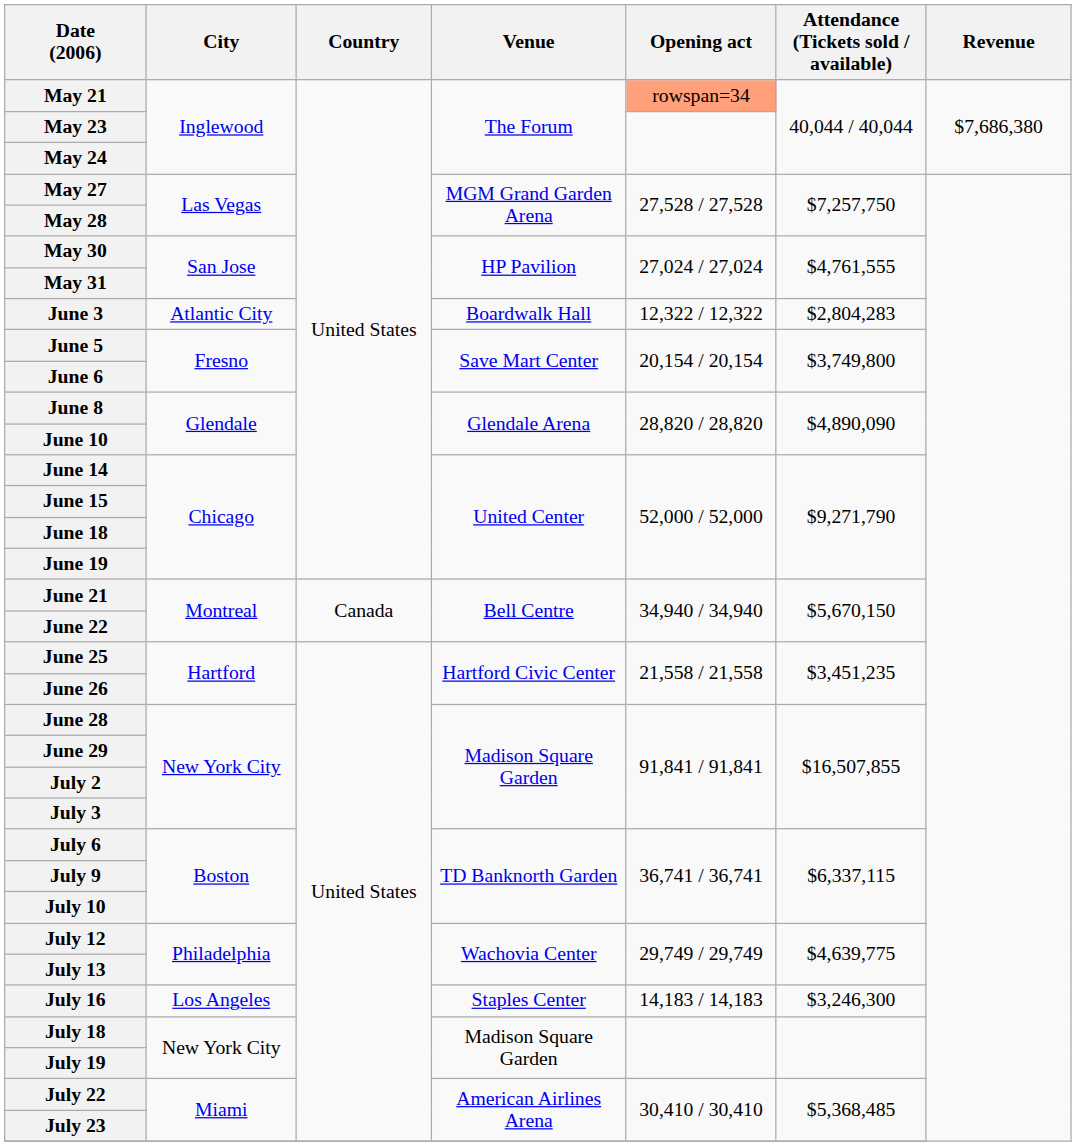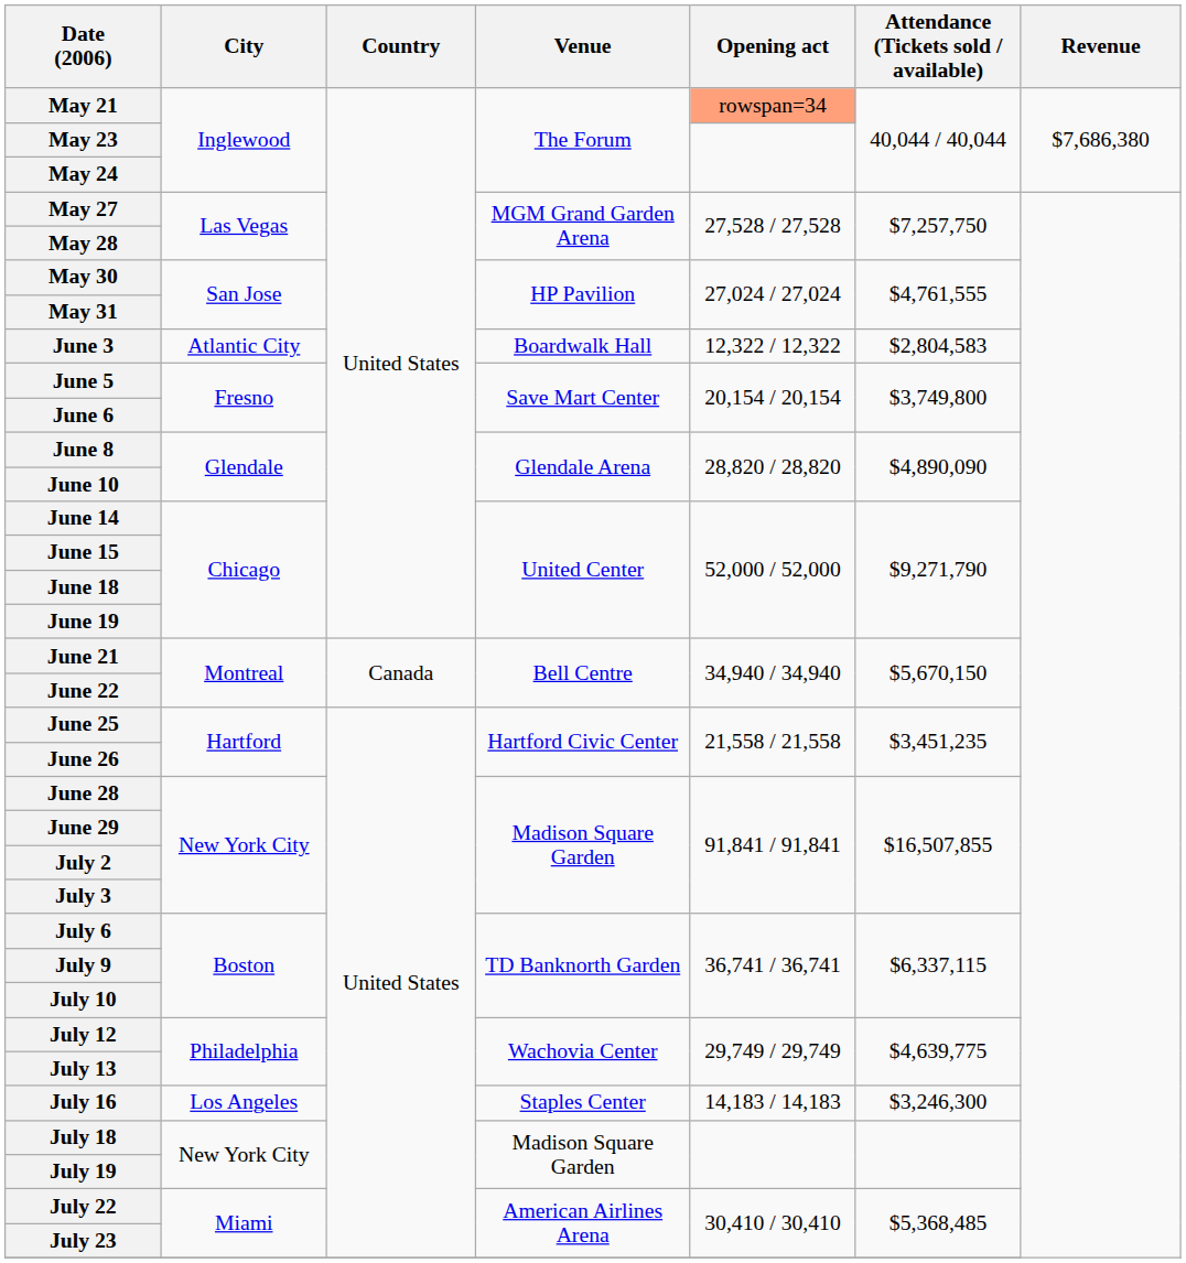 <table class="wikitable plainrowheaders" style="text-align:center;">
 <tr>
 <th scope="col" style="width:12em;">Date<br>(2006)</th>
 <th scope="col" style="width:10em;">City</th>
 <th scope="col" style="width:10em;">Country</th>
 <th scope="col" style="width:16em;">Venue</th>
 <th scope="col" style="width:10em;">Opening act</th>
 <th scope="col" style="width:10em;">Attendance <br>(Tickets sold / available)</th>
 <th scope="col" style="width:10em;">Revenue</th>
 </tr>
 <tr>
 <th scope="row" style="text-align:center;">May 21</th>
 <td rowspan=3><a href='#'>Inglewood</a></td>
 <td rowspan=16>United States</td>
 <td rowspan=3><a href='#'>The Forum</a></td>
 <td style="background: lightsalmon;">rowspan=34 </td>
 <td rowspan=3>40,044 / 40,044</td>
 <td rowspan=3>$7,686,380</td>
 </tr>
 <tr>
 <th scope="row" style="text-align:center;">May 23</th>
 </tr>
 <tr>
 <th scope="row" style="text-align:center;">May 24</th>
 </tr>
 <tr>
 <th scope="row" style="text-align:center;">May 27</th>
 <td rowspan=2><a href='#'>Las Vegas</a></td>
 <td rowspan=2><a href='#'>MGM Grand Garden Arena</a></td>
 <td rowspan=2>27,528 / 27,528</td>
 <td rowspan=2>$7,257,750</td>
 </tr>
 <tr>
 <th scope="row" style="text-align:center;">May 28</th>
 </tr>
 <tr>
 <th scope="row" style="text-align:center;">May 30</th>
 <td rowspan=2><a href='#'>San Jose</a></td>
 <td rowspan=2><a href='#'>HP Pavilion</a></td>
 <td rowspan=2>27,024 / 27,024</td>
 <td rowspan=2>$4,761,555</td>
 </tr>
 <tr>
 <th scope="row" style="text-align:center;">May 31</th>
 </tr>
 <tr>
 <th scope="row" style="text-align:center;">June 3</th>
 <td><a href='#'>Atlantic City</a></td>
 <td><a href='#'>Boardwalk Hall</a></td>
 <td>12,322 / 12,322</td>
-<td>$2,804,283</td>
+<td>$2,804,583</td>
 </tr>
 <tr>
 <th scope="row" style="text-align:center;">June 5</th>
 <td rowspan=2><a href='#'>Fresno</a></td>
 <td rowspan=2><a href='#'>Save Mart Center</a></td>
 <td rowspan=2>20,154 / 20,154</td>
 <td rowspan=2>$3,749,800</td>
 </tr>
 <tr>
 <th scope="row" style="text-align:center;">June 6</th>
 </tr>
 <tr>
 <th scope="row" style="text-align:center;">June 8</th>
 <td rowspan=2><a href='#'>Glendale</a></td>
 <td rowspan=2><a href='#'>Glendale Arena</a></td>
 <td rowspan=2>28,820 / 28,820</td>
 <td rowspan=2>$4,890,090</td>
 </tr>
 <tr>
 <th scope="row" style="text-align:center;">June 10</th>
 </tr>
 <tr>
 <th scope="row" style="text-align:center;">June 14</th>
 <td rowspan=4><a href='#'>Chicago</a></td>
 <td rowspan=4><a href='#'>United Center</a></td>
 <td rowspan=4>52,000 / 52,000</td>
 <td rowspan=4>$9,271,790</td>
 </tr>
 <tr>
 <th scope="row" style="text-align:center;">June 15</th>
 </tr>
 <tr>
 <th scope="row" style="text-align:center;">June 18</th>
 </tr>
 <tr>
 <th scope="row" style="text-align:center;">June 19</th>
 </tr>
 <tr>
 <th scope="row" style="text-align:center;">June 21</th>
 <td rowspan=2><a href='#'>Montreal</a></td>
 <td rowspan=2>Canada</td>
 <td rowspan=2><a href='#'>Bell Centre</a></td>
 <td rowspan=2>34,940 / 34,940</td>
 <td rowspan=2>$5,670,150</td>
 </tr>
 <tr>
 <th scope="row" style="text-align:center;">June 22</th>
 </tr>
 <tr>
 <th scope="row" style="text-align:center;">June 25</th>
 <td rowspan=2><a href='#'>Hartford</a></td>
 <td rowspan=16>United States</td>
 <td rowspan=2><a href='#'>Hartford Civic Center</a></td>
 <td rowspan=2>21,558 / 21,558</td>
 <td rowspan=2>$3,451,235</td>
 </tr>
 <tr>
 <th scope="row" style="text-align:center;">June 26</th>
 </tr>
 <tr>
 <th scope="row" style="text-align:center;">June 28</th>
 <td rowspan=4><a href='#'>New York City</a></td>
 <td rowspan=4><a href='#'>Madison Square Garden</a></td>
 <td rowspan=4>91,841 / 91,841</td>
 <td rowspan=4>$16,507,855</td>
 </tr>
 <tr>
 <th scope="row" style="text-align:center;">June 29</th>
 </tr>
 <tr>
 <th scope="row" style="text-align:center;">July 2</th>
 </tr>
 <tr>
 <th scope="row" style="text-align:center;">July 3</th>
 </tr>
 <tr>
 <th scope="row" style="text-align:center;">July 6</th>
 <td rowspan=3><a href='#'>Boston</a></td>
 <td rowspan=3><a href='#'>TD Banknorth Garden</a></td>
 <td rowspan=3>36,741 / 36,741</td>
 <td rowspan=3>$6,337,115</td>
 </tr>
 <tr>
 <th scope="row" style="text-align:center;">July 9</th>
 </tr>
 <tr>
 <th scope="row" style="text-align:center;">July 10</th>
 </tr>
 <tr>
 <th scope="row" style="text-align:center;">July 12</th>
 <td rowspan=2><a href='#'>Philadelphia</a></td>
 <td rowspan=2><a href='#'>Wachovia Center</a></td>
 <td rowspan=2>29,749 / 29,749</td>
 <td rowspan=2>$4,639,775</td>
 </tr>
 <tr>
 <th scope="row" style="text-align:center;">July 13</th>
 </tr>
 <tr>
 <th scope="row" style="text-align:center;">July 16</th>
 <td><a href='#'>Los Angeles</a></td>
 <td><a href='#'>Staples Center</a></td>
 <td>14,183 / 14,183</td>
 <td>$3,246,300</td>
 </tr>
 <tr>
 <th scope="row" style="text-align:center;">July 18</th>
 <td rowspan=2>New York City</td>
 <td rowspan=2>Madison Square Garden</td>
 <td rowspan=2></td>
 <td rowspan=2></td>
 </tr>
 <tr>
 <th scope="row" style="text-align:center;">July 19</th>
 </tr>
 <tr>
 <th scope="row" style="text-align:center;">July 22</th>
 <td rowspan=2><a href='#'>Miami</a></td>
 <td rowspan=2><a href='#'>American Airlines Arena</a></td>
 <td rowspan=2>30,410 / 30,410</td>
 <td rowspan=2>$5,368,485</td>
 </tr>
 <tr>
 <th scope="row" style="text-align:center;">July 23</th>
 </tr>
 <tr>
 </tr>
 </table>
